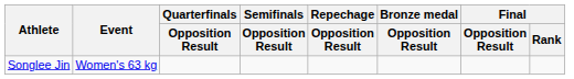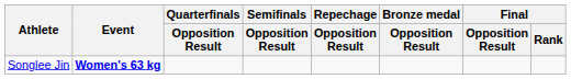 <table class=wikitable style="font-size:90%">
 <tr>
 <th rowspan="2">Athlete</th>
 <th rowspan="2">Event</th>
 <th>Quarterfinals</th>
 <th>Semifinals</th>
 <th>Repechage</th>
 <th>Bronze medal</th>
 <th colspan="2">Final</th>
 </tr>
 <tr>
 <th>Opposition<br>Result</th>
 <th>Opposition<br>Result</th>
 <th>Opposition<br>Result</th>
 <th>Opposition<br>Result</th>
 <th>Opposition<br>Result</th>
 <th>Rank</th>
 </tr>
 <tr>
 <td><a href='#'>Songlee Jin</a></td>
-<td><a href='#'>Women's 63 kg</a></td>
+<td><strong><a href='#'>Women's 63 kg</a></strong></td>
 <td align=center></td>
 <td align=center></td>
 <td align=center></td>
 <td align=center></td>
 <td align=center></td>
 <td align=center></td>
 </tr>
 </table>
